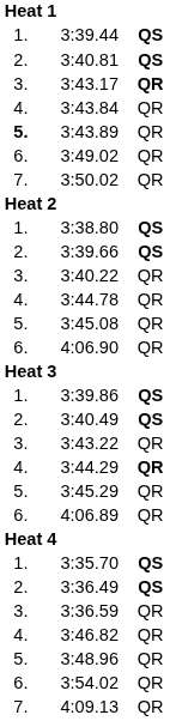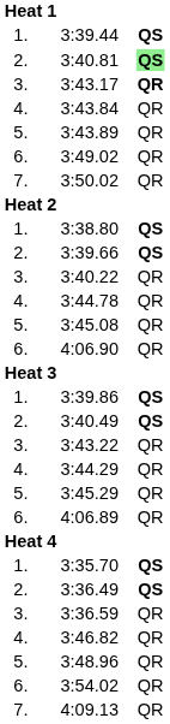 <table style="text-align:center">
 <tr>
 <td colspan=4 align=left><strong>Heat 1</strong></td>
 </tr>
 <tr>
 <td width=30>1.</td>
 <td align=left></td>
 <td width=80>3:39.44</td>
 <td><strong>QS</strong></td>
 </tr>
 <tr>
 <td>2.</td>
 <td align=left></td>
 <td>3:40.81</td>
-<td><strong>QS</strong></td>
+<td style="background: lightgreen;"><strong>QS</strong></td>
 </tr>
 <tr>
 <td>3.</td>
 <td align=left></td>
 <td>3:43.17</td>
 <td><strong>QR</strong></td>
 </tr>
 <tr>
 <td>4.</td>
 <td align=left></td>
 <td>3:43.84</td>
 <td>QR</td>
 </tr>
 <tr>
-<td><strong>5.</strong></td>
+<td>5.</td>
 <td align=left></td>
 <td>3:43.89</td>
 <td>QR</td>
 </tr>
 <tr>
 <td>6.</td>
 <td align=left></td>
 <td>3:49.02</td>
 <td>QR</td>
 </tr>
 <tr>
 <td>7.</td>
 <td align=left></td>
 <td>3:50.02</td>
 <td>QR</td>
 </tr>
 <tr>
 <td colspan=4 align=left><strong>Heat 2</strong></td>
 </tr>
 <tr>
 <td>1.</td>
 <td align=left></td>
 <td>3:38.80</td>
 <td><strong>QS</strong></td>
 </tr>
 <tr>
 <td>2.</td>
 <td align=left></td>
 <td>3:39.66</td>
 <td><strong>QS</strong></td>
 </tr>
 <tr>
 <td>3.</td>
 <td align=left></td>
 <td>3:40.22</td>
 <td>QR</td>
 </tr>
 <tr>
 <td>4.</td>
 <td align=left></td>
 <td>3:44.78</td>
 <td>QR</td>
 </tr>
 <tr>
 <td>5.</td>
 <td align=left></td>
 <td>3:45.08</td>
 <td>QR</td>
 </tr>
 <tr>
 <td>6.</td>
 <td align=left></td>
 <td>4:06.90</td>
 <td>QR</td>
 </tr>
 <tr>
 <td colspan=4 align=left><strong>Heat 3</strong></td>
 </tr>
 <tr>
 <td>1.</td>
 <td align=left></td>
 <td>3:39.86</td>
 <td><strong>QS</strong></td>
 </tr>
 <tr>
 <td>2.</td>
 <td align=left></td>
 <td>3:40.49</td>
 <td><strong>QS</strong></td>
 </tr>
 <tr>
 <td>3.</td>
 <td align=left></td>
 <td>3:43.22</td>
 <td>QR</td>
 </tr>
 <tr>
 <td>4.</td>
 <td align=left></td>
 <td>3:44.29</td>
-<td><strong>QR</strong></td>
+<td>QR</td>
 </tr>
 <tr>
 <td>5.</td>
 <td align=left></td>
 <td>3:45.29</td>
 <td>QR</td>
 </tr>
 <tr>
 <td>6.</td>
 <td align=left></td>
 <td>4:06.89</td>
 <td>QR</td>
 </tr>
 <tr>
 <td colspan=4 align=left><strong>Heat 4</strong></td>
 </tr>
 <tr>
 <td>1.</td>
 <td align=left></td>
 <td>3:35.70</td>
 <td><strong>QS</strong></td>
 </tr>
 <tr>
 <td>2.</td>
 <td align=left></td>
 <td>3:36.49</td>
 <td><strong>QS</strong></td>
 </tr>
 <tr>
 <td>3.</td>
 <td align=left></td>
 <td>3:36.59</td>
 <td>QR</td>
 </tr>
 <tr>
 <td>4.</td>
 <td align=left></td>
 <td>3:46.82</td>
 <td>QR</td>
 </tr>
 <tr>
 <td>5.</td>
 <td align=left></td>
 <td>3:48.96</td>
 <td>QR</td>
 </tr>
 <tr>
 <td>6.</td>
 <td align=left></td>
 <td>3:54.02</td>
 <td>QR</td>
 </tr>
 <tr>
 <td>7.</td>
 <td align=left></td>
 <td>4:09.13</td>
 <td>QR</td>
 </tr>
 </table>
